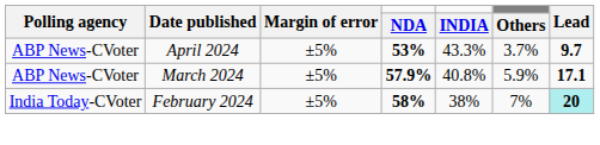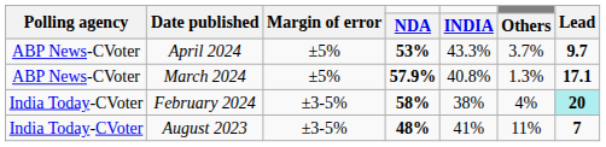 <table class="wikitable sortable" style="text-align:center;font-size:95%;line-height:16px">
 <tr>
 <th rowspan="2">Polling agency</th>
 <th rowspan="2">Date published</th>
 <th rowspan="2">Margin of error</th>
 <td></td>
 <td></td>
 <td bgcolor="grey"></td>
 <th rowspan="2">Lead</th>
 </tr>
 <tr>
 <th><a href='#'>NDA</a></th>
 <th><a href='#'>INDIA</a></th>
 <th>Others</th>
 </tr>
 <tr>
 <td><a href='#'>ABP News</a>-CVoter</td>
 <td><em>April 2024</em></td>
 <td>±5%</td>
 <td bgcolor=><strong>53%</strong></td>
 <td>43.3%</td>
 <td>3.7%</td>
 <td bgcolor=><strong>9.7</strong></td>
 </tr>
 <tr>
 <td><a href='#'>ABP News</a>-CVoter</td>
 <td><em>March 2024</em></td>
 <td>±5%</td>
 <td bgcolor=><strong>57.9%</strong></td>
 <td>40.8%</td>
-<td>5.9%</td>
+<td>1.3%</td>
 <td bgcolor=><strong>17.1</strong></td>
 </tr>
 <tr>
 <td><a href='#'>India Today</a>-CVoter</td>
 <td><em>February 2024</em></td>
-<td>±5%</td>
+<td>±3-5%</td>
 <td><strong>58%</strong></td>
 <td>38%</td>
-<td>7%</td>
+<td>4%</td>
 <td style="background: paleturquoise;"><strong>20</strong></td>
 </tr>
+<tr>
+<td><a href='#'>India Today</a>-<a href='#'>CVoter</a></td>
+<td><em>August 2023</em></td>
+<td>±3-5%</td>
+<td><strong>48%</strong></td>
+<td>41%</td>
+<td>11%</td>
+<td><strong>7</strong></td>
+</tr>
 </table>
